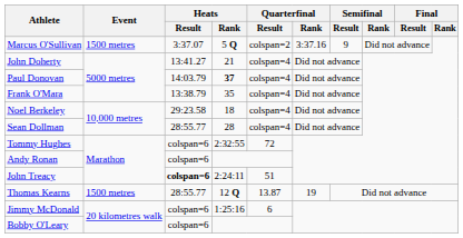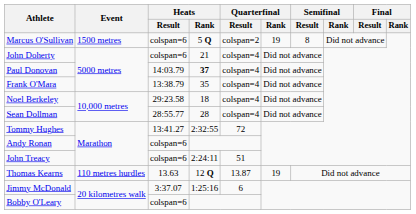 <table class="wikitable" style="font-size:90%">
 <tr>
 <th rowspan="2">Athlete</th>
 <th rowspan="2">Event</th>
 <th colspan="2">Heats</th>
 <th colspan="2">Quarterfinal</th>
 <th colspan="2">Semifinal</th>
 <th colspan="2">Final</th>
 </tr>
 <tr style="font-size:95%">
 <th>Result</th>
 <th>Rank</th>
 <th>Result</th>
 <th>Rank</th>
 <th>Result</th>
 <th>Rank</th>
 <th>Result</th>
 <th>Rank</th>
 </tr>
 <tr align=center>
 <td align=left><a href='#'>Marcus O'Sullivan</a></td>
 <td align=left><a href='#'>1500 metres</a></td>
-<td>3:37.07</td>
+<td>colspan=6</td>
 <td>5 <strong>Q</strong></td>
 <td>colspan=2</td>
-<td>3:37.16</td>
-<td>9</td>
+<td>19</td>
+<td>8</td>
 <td colspan=2>Did not advance</td>
 </tr>
 <tr align=center>
 <td align=left><a href='#'>John Doherty</a></td>
 <td align=left rowspan=3><a href='#'>5000 metres</a></td>
-<td>13:41.27</td>
+<td>colspan=6</td>
 <td>21</td>
 <td>colspan=4</td>
 <td colspan=2>Did not advance</td>
 </tr>
 <tr align=center>
 <td align=left><a href='#'>Paul Donovan</a></td>
 <td>14:03.79</td>
 <td><strong>37</strong></td>
 <td>colspan=4</td>
 <td colspan=2>Did not advance</td>
 </tr>
 <tr align=center>
 <td align=left><a href='#'>Frank O'Mara</a></td>
 <td>13:38.79</td>
 <td>35</td>
 <td>colspan=4</td>
 <td colspan=2>Did not advance</td>
 </tr>
 <tr align=center>
 <td align=left><a href='#'>Noel Berkeley</a></td>
 <td align=left rowspan=2><a href='#'>10,000 metres</a></td>
 <td>29:23.58</td>
 <td>18</td>
 <td>colspan=4</td>
 <td colspan=2>Did not advance</td>
 </tr>
 <tr align=center>
 <td align=left><a href='#'>Sean Dollman</a></td>
 <td>28:55.77</td>
 <td>28</td>
 <td>colspan=4</td>
 <td colspan=2>Did not advance</td>
 </tr>
 <tr align=center>
 <td align=left><a href='#'>Tommy Hughes</a></td>
 <td align=left rowspan=3><a href='#'>Marathon</a></td>
-<td>colspan=6</td>
+<td>13:41.27</td>
 <td>2:32:55</td>
 <td>72</td>
 </tr>
 <tr align=center>
 <td align=left><a href='#'>Andy Ronan</a></td>
 <td>colspan=6</td>
 <td colspan=2></td>
 </tr>
 <tr align=center>
 <td align=left><a href='#'>John Treacy</a></td>
-<td><strong>colspan=6</strong></td>
+<td>colspan=6</td>
 <td>2:24:11</td>
 <td>51</td>
 </tr>
 <tr align=center>
 <td align=left><a href='#'>Thomas Kearns</a></td>
-<td align=left><a href='#'>1500 metres</a></td>
-<td>28:55.77</td>
+<td align=left><a href='#'>110 metres hurdles</a></td>
+<td>13.63</td>
 <td>12 <strong>Q</strong></td>
 <td>13.87</td>
 <td>19</td>
 <td colspan=4>Did not advance</td>
 </tr>
 <tr align=center>
 <td align=left><a href='#'>Jimmy McDonald</a></td>
 <td align=left rowspan=2><a href='#'>20 kilometres walk</a></td>
-<td>colspan=6</td>
+<td>3:37.07</td>
 <td>1:25:16</td>
 <td>6</td>
 </tr>
 <tr align=center>
 <td align=left><a href='#'>Bobby O'Leary</a></td>
 <td>colspan=6</td>
 <td colspan=2></td>
 </tr>
 </table>
